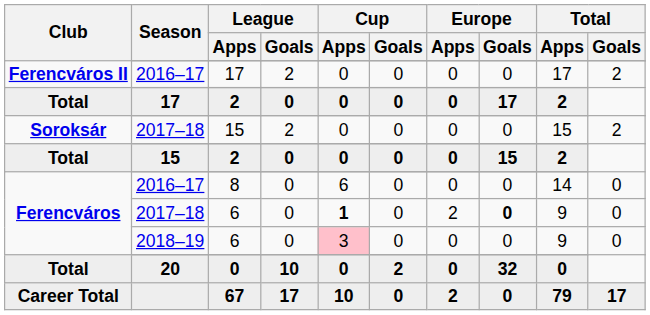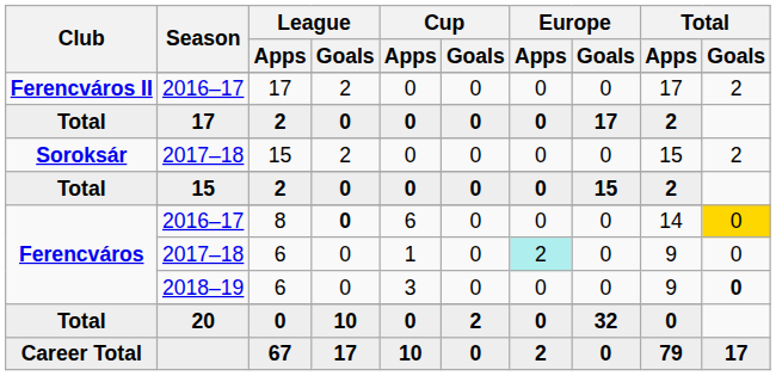 <table class="wikitable" style="font-size:90%; text-align: center;">
 <tr>
 <th rowspan="2">Club</th>
 <th rowspan="2">Season</th>
 <th colspan="2">League</th>
 <th colspan="2">Cup</th>
 <th colspan="2">Europe</th>
 <th colspan="2">Total</th>
 </tr>
 <tr>
 <th>Apps</th>
 <th>Goals</th>
 <th>Apps</th>
 <th>Goals</th>
 <th>Apps</th>
 <th>Goals</th>
 <th>Apps</th>
 <th>Goals</th>
 </tr>
 <tr ||-||-||-|->
 <td rowspan="3" valign="center"><strong><a href='#'>Ferencváros II</a></strong></td>
 </tr>
 <tr>
 <td><a href='#'>2016–17</a></td>
 <td>17</td>
 <td>2</td>
 <td>0</td>
 <td>0</td>
 <td>0</td>
 <td>0</td>
 <td>17</td>
 <td>2</td>
 </tr>
 <tr>
 </tr>
 <tr style="font-weight:bold; background-color:#eeeeee;">
 <td>Total</td>
 <td>17</td>
 <td>2</td>
 <td>0</td>
 <td>0</td>
 <td>0</td>
 <td>0</td>
 <td>17</td>
 <td>2</td>
 </tr>
 <tr>
 <td rowspan="3" valign="center"><strong><a href='#'>Soroksár</a></strong></td>
 </tr>
 <tr>
 <td><a href='#'>2017–18</a></td>
 <td>15</td>
 <td>2</td>
 <td>0</td>
 <td>0</td>
 <td>0</td>
 <td>0</td>
 <td>15</td>
 <td>2</td>
 </tr>
 <tr>
 </tr>
 <tr style="font-weight:bold; background-color:#eeeeee;">
 <td>Total</td>
 <td>15</td>
 <td>2</td>
 <td>0</td>
 <td>0</td>
 <td>0</td>
 <td>0</td>
 <td>15</td>
 <td>2</td>
 </tr>
 <tr>
 <td rowspan="5" valign="center"><strong><a href='#'>Ferencváros</a></strong></td>
 </tr>
 <tr>
 <td><a href='#'>2016–17</a></td>
 <td>8</td>
-<td>0</td>
+<td><strong>0</strong></td>
 <td>6</td>
 <td>0</td>
 <td>0</td>
 <td>0</td>
 <td>14</td>
-<td>0</td>
+<td style="background: gold;">0</td>
 </tr>
 <tr>
 <td><a href='#'>2017–18</a></td>
 <td>6</td>
 <td>0</td>
-<td><strong>1</strong></td>
+<td>1</td>
 <td>0</td>
-<td>2</td>
-<td><strong>0</strong></td>
+<td style="background: paleturquoise;">2</td>
+<td>0</td>
 <td>9</td>
 <td>0</td>
 </tr>
 <tr>
 <td><a href='#'>2018–19</a></td>
 <td>6</td>
 <td>0</td>
-<td style="background: pink;">3</td>
+<td>3</td>
 <td>0</td>
 <td>0</td>
 <td>0</td>
 <td>9</td>
-<td>0</td>
+<td><strong>0</strong></td>
 </tr>
 <tr>
 </tr>
 <tr style="font-weight:bold; background-color:#eeeeee;">
 <td>Total</td>
 <td>20</td>
 <td>0</td>
 <td>10</td>
 <td>0</td>
 <td>2</td>
 <td>0</td>
 <td>32</td>
 <td>0</td>
 </tr>
 <tr style="font-weight:bold; background-color:#eeeeee;">
 <td rowspan="1" valign="top"><strong>Career Total</strong></td>
 <td></td>
 <td><strong>67</strong></td>
 <td><strong>17</strong></td>
 <td><strong>10</strong></td>
 <td><strong>0</strong></td>
 <td><strong>2</strong></td>
 <td><strong>0</strong></td>
 <td><strong>79</strong></td>
 <td><strong>17</strong></td>
 </tr>
 </table>
